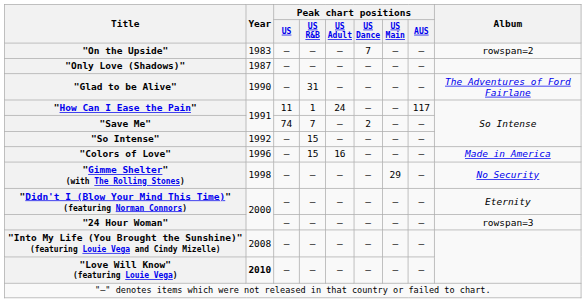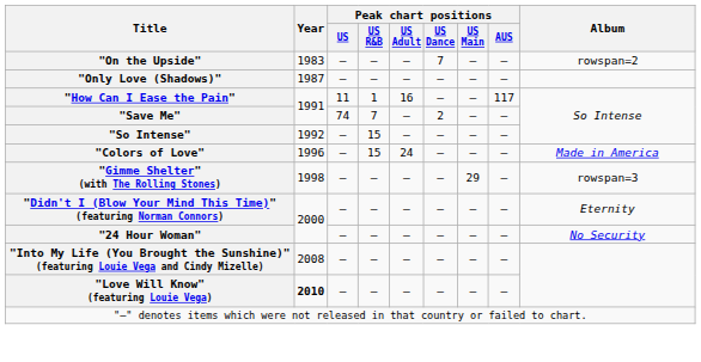 <table class="wikitable plainrowheaders" style="text-align: center;" border="1">
 <tr>
 <th scope="col" rowspan="2" style="width:25em;">Title</th>
 <th scope="col" rowspan="2" style="width:1em;">Year</th>
 <th scope="col" colspan="6">Peak chart positions</th>
 <th scope="col" rowspan="2" style="width:15em;">Album</th>
 </tr>
 <tr>
 <th scope="col" style="width:2.75em;font-size:85%;"><a href='#'>US</a><br></th>
 <th scope="col" style="width:2.75em;font-size:85%;"><a href='#'>US<br>R&B</a><br></th>
 <th scope="col" style="width:2.75em;font-size:85%;"><a href='#'>US<br>Adult</a><br></th>
 <th scope="col" style="width:2.75em;font-size:85%;"><a href='#'>US<br>Dance</a><br></th>
 <th scope="col" style="width:2.75em;font-size:85%;"><a href='#'>US Main</a></th>
 <th scope="col" style="width:2.75em;font-size:85%;"><a href='#'>AUS</a><br></th>
 </tr>
 <tr>
 <th scope="row">"On the Upside" </th>
 <td>1983</td>
 <td>—</td>
 <td>—</td>
 <td>—</td>
 <td>7</td>
 <td>—</td>
 <td>—</td>
 <td>rowspan=2 </td>
 </tr>
 <tr>
 <th scope="row">"Only Love (Shadows)" </th>
 <td>1987</td>
 <td>—</td>
 <td>—</td>
 <td>—</td>
 <td>—</td>
 <td>—</td>
 <td>—</td>
 </tr>
 <tr>
-<th scope="row">"Glad to be Alive"</th>
-<td>1990</td>
-<td>—</td>
-<td>31</td>
-<td>—</td>
-<td>—</td>
-<td>—</td>
-<td>—</td>
-<td><em><a href='#'>The Adventures of Ford Fairlane</a></em></td>
-</tr>
-<tr>
 <th scope="row">"<a href='#'>How Can I Ease the Pain</a>"</th>
 <td rowspan="2">1991</td>
 <td>11</td>
 <td>1</td>
-<td>24</td>
+<td>16</td>
 <td>—</td>
 <td>—</td>
 <td>117</td>
 <td rowspan="3"><em>So Intense</em></td>
 </tr>
 <tr>
 <th scope="row">"Save Me"</th>
 <td>74</td>
 <td>7</td>
 <td>—</td>
 <td>2</td>
 <td>—</td>
 <td>—</td>
 </tr>
 <tr>
 <th scope="row">"So Intense"</th>
 <td>1992</td>
 <td>—</td>
 <td>15</td>
 <td>—</td>
 <td>—</td>
 <td>—</td>
 <td>—</td>
 </tr>
 <tr>
 <th scope="row">"Colors of Love"</th>
 <td>1996</td>
 <td>—</td>
 <td>15</td>
-<td>16</td>
+<td>24</td>
 <td>—</td>
 <td>—</td>
 <td>—</td>
 <td><em><a href='#'>Made in America</a></em></td>
 </tr>
 <tr>
 <th scope="row">"<a href='#'>Gimme Shelter</a>"<br><small>(with <a href='#'>The Rolling Stones</a>)</small></th>
 <td>1998</td>
 <td>—</td>
 <td>—</td>
 <td>—</td>
 <td>—</td>
 <td>29</td>
 <td>—</td>
-<td><em><a href='#'>No Security</a></em></td>
+<td>rowspan=3 </td>
 </tr>
 <tr>
 <th scope="row">"<a href='#'>Didn't I (Blow Your Mind This Time)</a>"<br><small>(featuring <a href='#'>Norman Connors</a>)</small></th>
 <td rowspan="2">2000</td>
 <td>—</td>
 <td>—</td>
 <td>—</td>
 <td>—</td>
 <td>—</td>
 <td>—</td>
 <td><em>Eternity</em></td>
 </tr>
 <tr>
 <th scope="row">"24 Hour Woman"</th>
 <td>—</td>
 <td>—</td>
 <td>—</td>
 <td>—</td>
 <td>—</td>
 <td>—</td>
-<td>rowspan=3 </td>
+<td><em><a href='#'>No Security</a></em></td>
 </tr>
 <tr>
 <th scope="row">"Into My Life (You Brought the Sunshine)"<br><small>(featuring <a href='#'>Louie Vega</a> and Cindy Mizelle)</small></th>
 <td>2008</td>
 <td>—</td>
 <td>—</td>
 <td>—</td>
 <td>—</td>
 <td>—</td>
 <td>—</td>
 </tr>
 <tr>
 <th scope="row">"Love Will Know"<br><small>(featuring <a href='#'>Louie Vega</a>)</small></th>
 <td><strong>2010</strong></td>
 <td>—</td>
 <td>—</td>
 <td>—</td>
 <td>—</td>
 <td>—</td>
 <td>—</td>
 </tr>
 <tr>
 <td style="font-size:90%;" colspan="9" align="center">"—" denotes items which were not released in that country or failed to chart.</td>
 </tr>
 </table>
